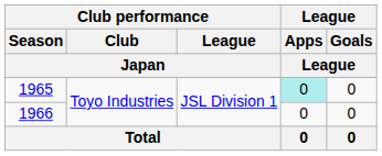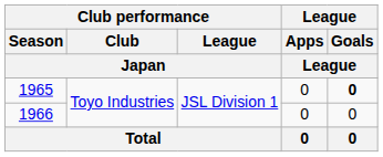 <table class="wikitable" style="text-align:center;">
 <tr>
 <th colspan=3>Club performance</th>
 <th colspan=2>League</th>
 </tr>
 <tr>
 <th>Season</th>
 <th>Club</th>
 <th>League</th>
 <th>Apps</th>
 <th>Goals</th>
 </tr>
 <tr>
 <th colspan=3>Japan</th>
 <th colspan=2>League</th>
 </tr>
 <tr>
 <td><a href='#'>1965</a></td>
 <td rowspan="2"><a href='#'>Toyo Industries</a></td>
 <td rowspan="2"><a href='#'>JSL Division 1</a></td>
-<td style="background: paleturquoise;">0</td>
 <td>0</td>
+<td><strong>0</strong></td>
 </tr>
 <tr>
 <td><a href='#'>1966</a></td>
 <td>0</td>
 <td>0</td>
 </tr>
 <tr>
 <th colspan=3>Total</th>
 <th>0</th>
 <th>0</th>
 </tr>
 </table>
